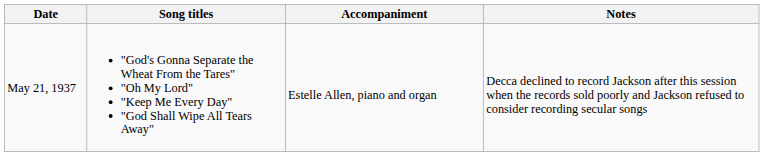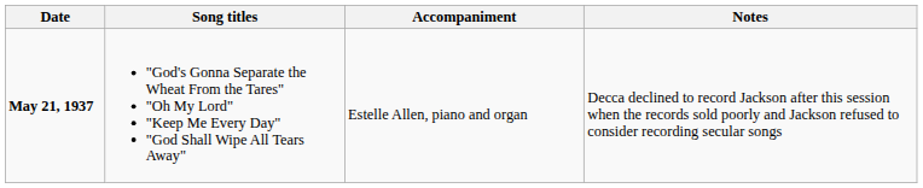 <table class="wikitable">
 <tr>
 <th scope="col" style="width: 100px;">Date</th>
 <th scope="col" style="width: 250px;">Song titles</th>
 <th scope="col" style="width: 250px;">Accompaniment</th>
 <th scope="col" style="width: 350px;">Notes</th>
 </tr>
 <tr>
-<td>May 21, 1937</td>
+<td><strong>May 21, 1937</strong></td>
 <td><br><ul><li>"God's Gonna Separate the Wheat From the Tares"</li><li>"Oh My Lord"</li><li>"Keep Me Every Day"</li><li>"God Shall Wipe All Tears Away"</li></ul></td>
 <td><br>Estelle Allen, piano and organ</td>
 <td><br>Decca declined to record Jackson after this session when the records sold poorly and Jackson refused to consider recording secular songs</td>
 </tr>
 </table>
